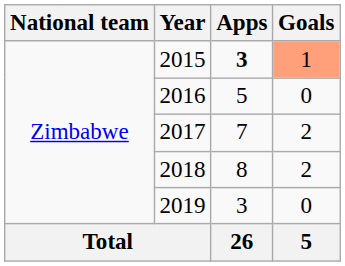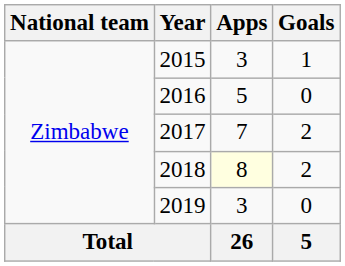 <table class="wikitable" style="text-align:center">
 <tr>
 <th>National team</th>
 <th>Year</th>
 <th>Apps</th>
 <th>Goals</th>
 </tr>
 <tr>
 <td rowspan="5"><a href='#'>Zimbabwe</a></td>
 <td>2015</td>
-<td><strong>3</strong></td>
-<td style="background: lightsalmon;">1</td>
+<td>3</td>
+<td>1</td>
 </tr>
 <tr>
 <td>2016</td>
 <td>5</td>
 <td>0</td>
 </tr>
 <tr>
 <td>2017</td>
 <td>7</td>
 <td>2</td>
 </tr>
 <tr>
 <td>2018</td>
-<td>8</td>
+<td style="background: lightyellow;">8</td>
 <td>2</td>
 </tr>
 <tr>
 <td>2019</td>
 <td>3</td>
 <td>0</td>
 </tr>
 <tr>
 <th colspan=2>Total</th>
 <th>26</th>
 <th>5</th>
 </tr>
 </table>
